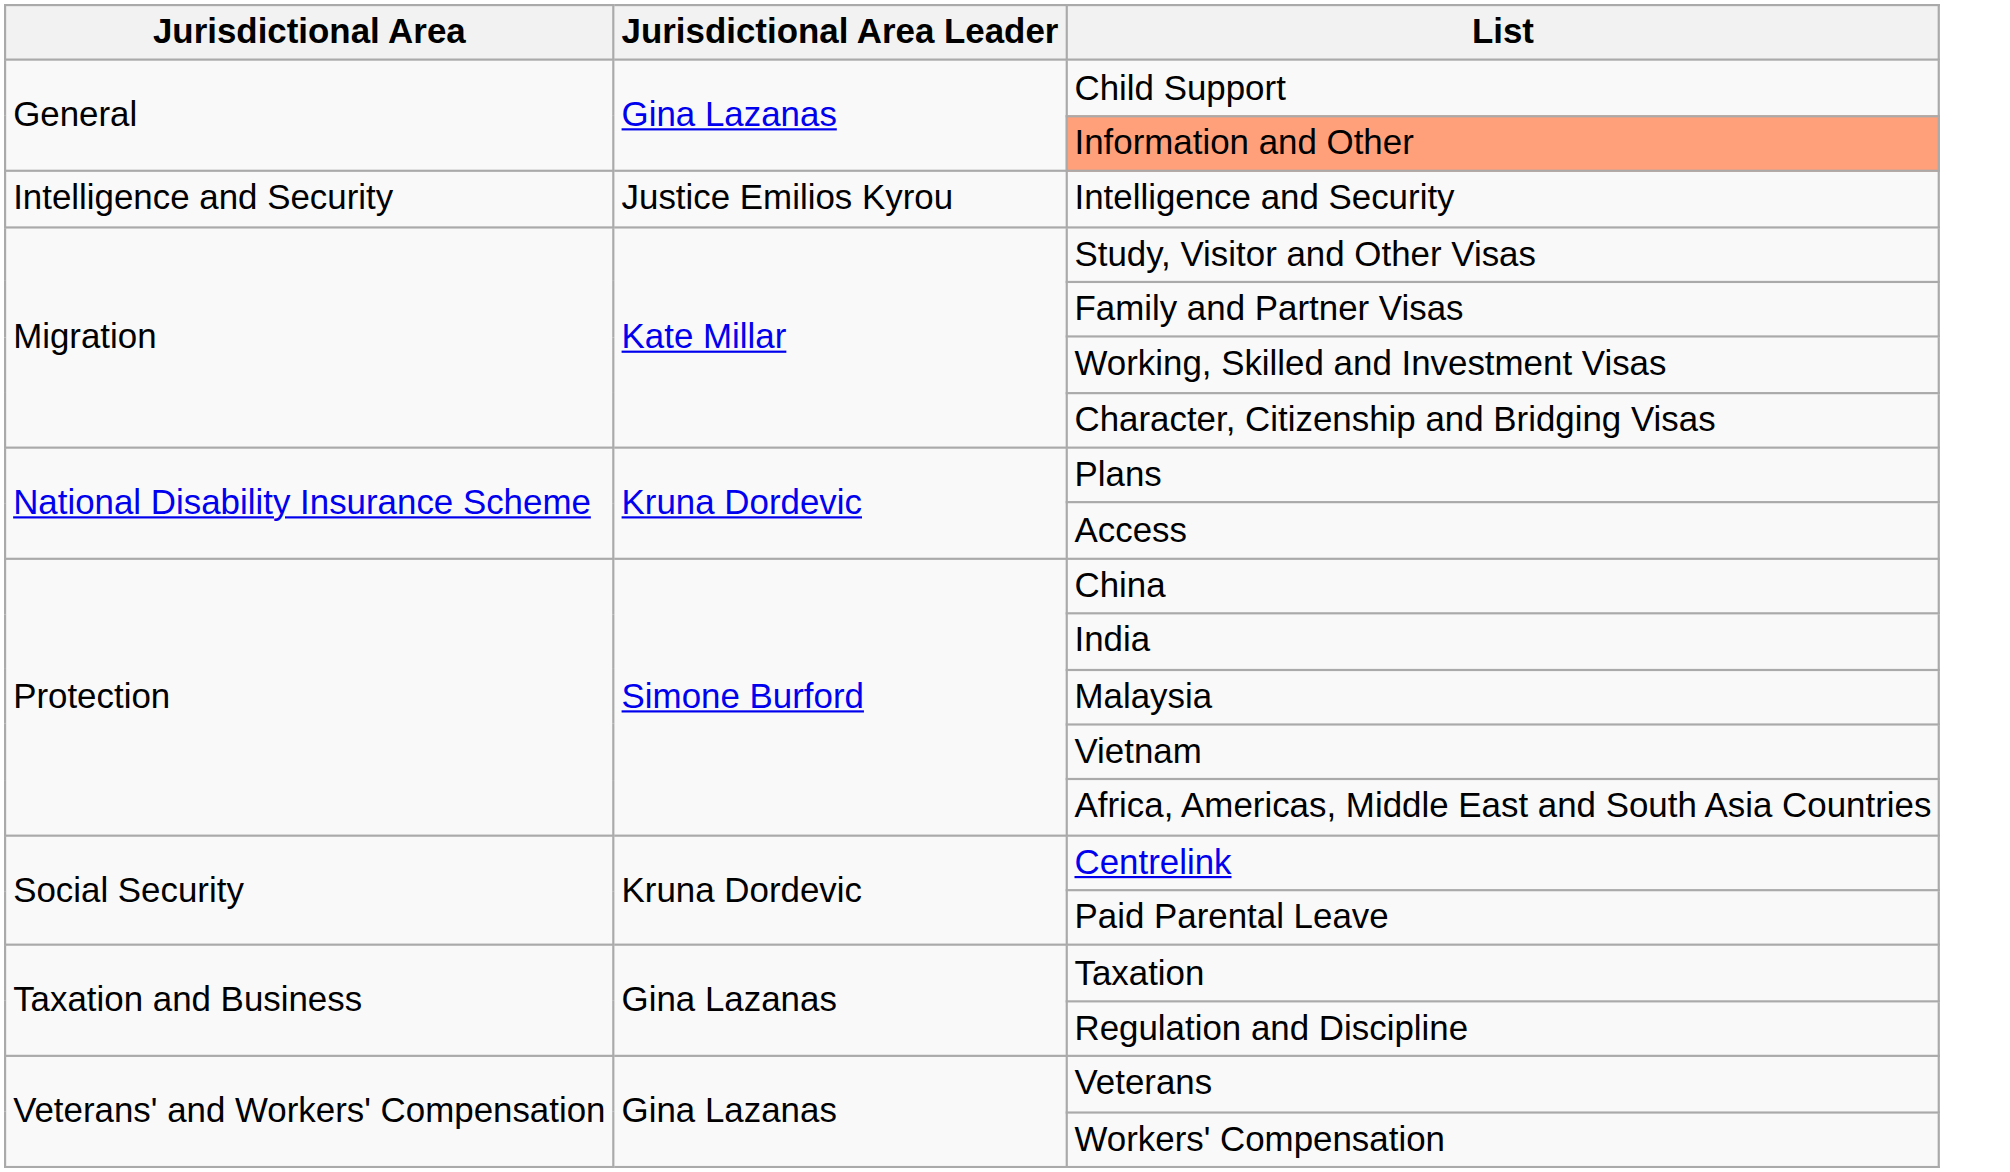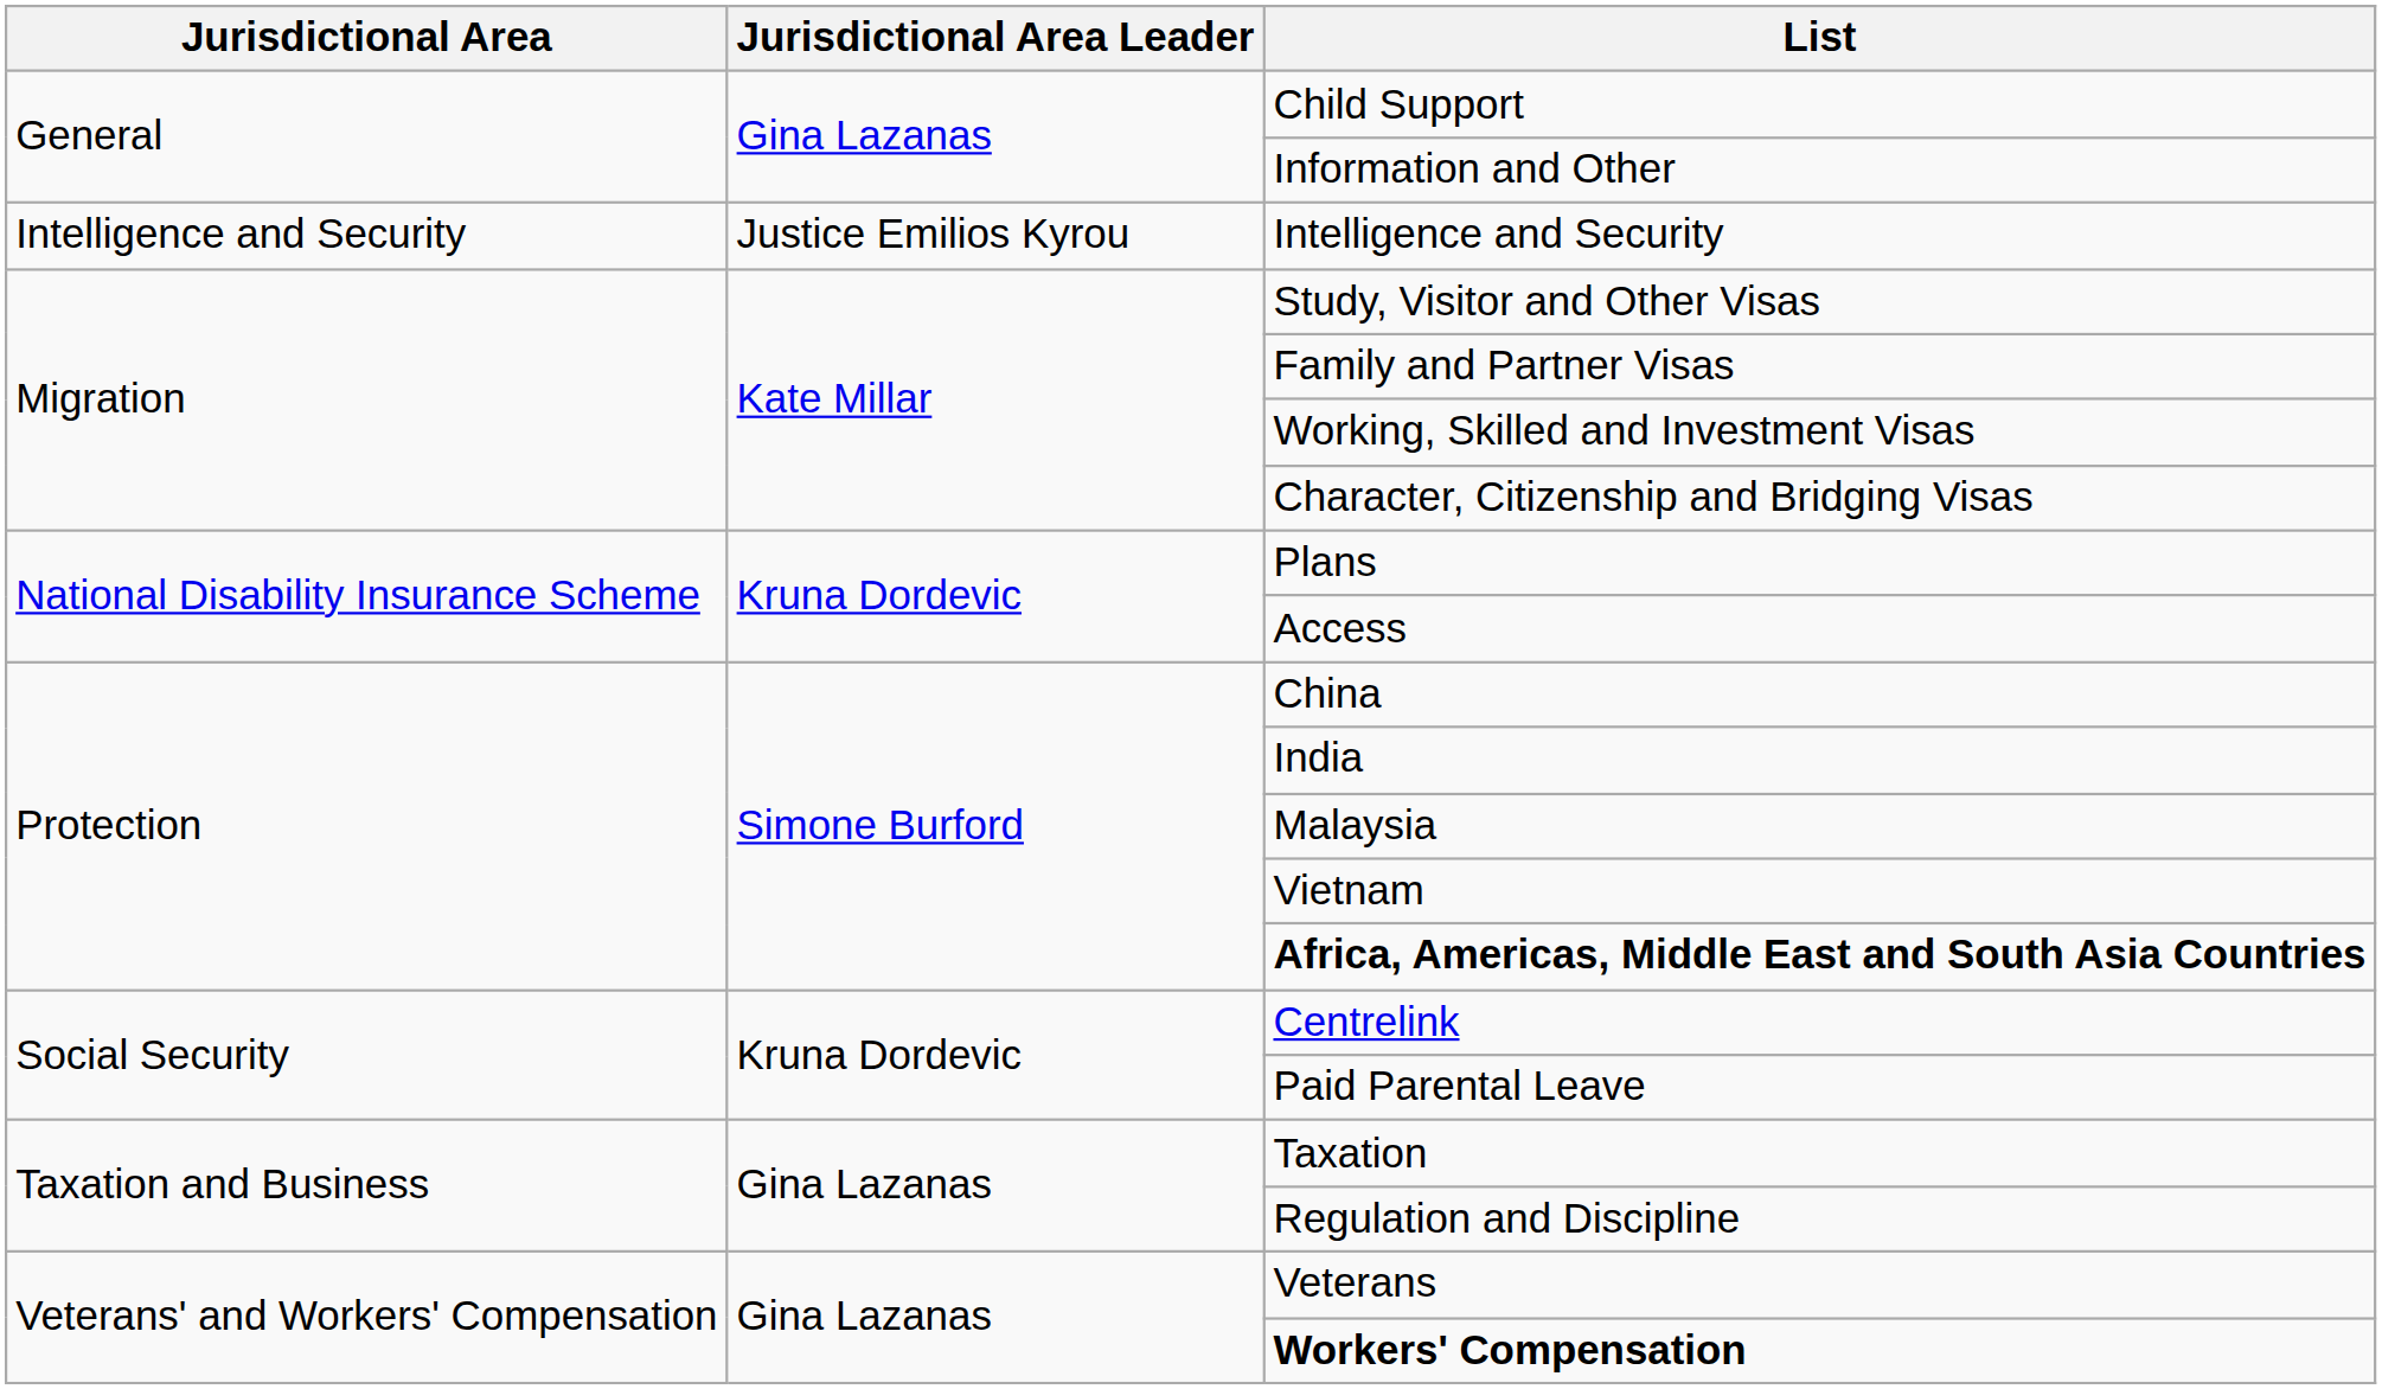 <table class="wikitable">
 <tr>
 <th>Jurisdictional Area</th>
 <th>Jurisdictional Area Leader</th>
 <th>List</th>
 </tr>
 <tr>
 <td rowspan="2">General</td>
 <td rowspan="2"><a href='#'>Gina Lazanas</a></td>
 <td>Child Support</td>
 </tr>
 <tr>
-<td style="background: lightsalmon;">Information and Other</td>
+<td>Information and Other</td>
 </tr>
 <tr>
 <td>Intelligence and Security</td>
 <td>Justice Emilios Kyrou</td>
 <td>Intelligence and Security</td>
 </tr>
 <tr>
 <td rowspan="4">Migration</td>
 <td rowspan="4"><a href='#'>Kate Millar</a></td>
 <td>Study, Visitor and Other Visas</td>
 </tr>
 <tr>
 <td>Family and Partner Visas</td>
 </tr>
 <tr>
 <td>Working, Skilled and Investment Visas</td>
 </tr>
 <tr>
 <td>Character, Citizenship and Bridging Visas</td>
 </tr>
 <tr>
 <td rowspan="2"><a href='#'>National Disability Insurance Scheme</a></td>
 <td rowspan="2"><a href='#'>Kruna Dordevic</a></td>
 <td>Plans</td>
 </tr>
 <tr>
 <td>Access</td>
 </tr>
 <tr>
 <td rowspan="5">Protection</td>
 <td rowspan="5"><a href='#'>Simone Burford</a></td>
 <td>China</td>
 </tr>
 <tr>
 <td>India</td>
 </tr>
 <tr>
 <td>Malaysia</td>
 </tr>
 <tr>
 <td>Vietnam</td>
 </tr>
 <tr>
-<td>Africa, Americas, Middle East and South Asia Countries</td>
+<td><strong>Africa, Americas, Middle East and South Asia Countries</strong></td>
 </tr>
 <tr>
 <td rowspan="2">Social Security</td>
 <td rowspan="2">Kruna Dordevic</td>
 <td><a href='#'>Centrelink</a></td>
 </tr>
 <tr>
 <td>Paid Parental Leave</td>
 </tr>
 <tr>
 <td rowspan="2">Taxation and Business</td>
 <td rowspan="2">Gina Lazanas</td>
 <td>Taxation</td>
 </tr>
 <tr>
 <td>Regulation and Discipline</td>
 </tr>
 <tr>
 <td rowspan="2">Veterans' and Workers' Compensation</td>
 <td rowspan="2">Gina Lazanas</td>
 <td>Veterans</td>
 </tr>
 <tr>
-<td>Workers' Compensation</td>
+<td><strong>Workers' Compensation</strong></td>
 </tr>
 </table>
